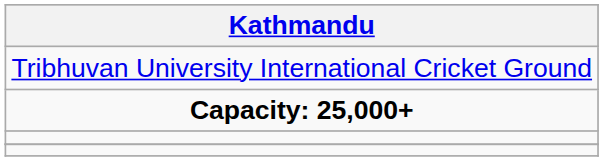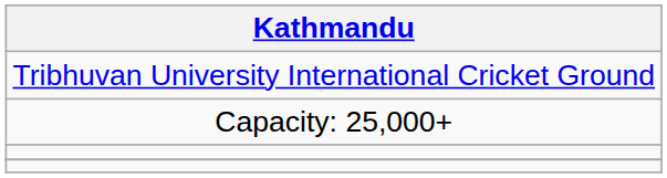 <table class="wikitable" style="text-align:center;margin:auto">
 <tr>
 <th><a href='#'>Kathmandu</a></th>
 </tr>
 <tr>
 <td><a href='#'>Tribhuvan University International Cricket Ground</a></td>
 </tr>
 <tr>
-<td><strong>Capacity: 25,000+</strong></td>
+<td>Capacity: 25,000+</td>
 </tr>
 <tr>
 <td></td>
 </tr>
 <tr>
 </tr>
 <tr cellpadding="0" style="border:0 solid #777; text-align: center;">
 <td></td>
 </tr>
 </table>
